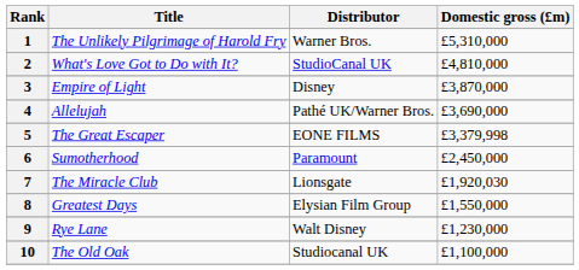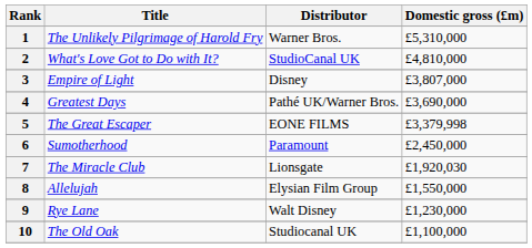 <table class="wikitable" style="margin:auto; margin:auto;">
 <tr>
 <th>Rank</th>
 <th>Title</th>
 <th>Distributor</th>
 <th>Domestic gross (£m)</th>
 </tr>
 <tr>
 </tr>
 <tr style="text-align:left;" background:#9fc;|>
 <th style="text-align:center;">1</th>
 <td><em><a href='#'>The Unlikely Pilgrimage of Harold Fry</a></em></td>
 <td>Warner Bros.</td>
 <td>£5,310,000</td>
 </tr>
 <tr>
 </tr>
 <tr style="text-align:left; |">
 <th style="text-align:center;">2</th>
 <td><em><a href='#'>What's Love Got to Do with It?</a></em></td>
 <td><a href='#'>StudioCanal UK</a></td>
 <td>£4,810,000</td>
 </tr>
 <tr>
 </tr>
 <tr style="text-align:left;|">
 <th style="text-align:center;">3</th>
 <td><em><a href='#'>Empire of Light</a></em></td>
 <td>Disney</td>
-<td>£3,870,000</td>
+<td>£3,807,000</td>
 </tr>
 <tr>
 </tr>
 <tr style="text-align:left; |">
 <th style="text-align:center;">4</th>
-<td><em><a href='#'>Allelujah</a></em></td>
+<td><em><a href='#'>Greatest Days</a></em></td>
 <td>Pathé UK/Warner Bros.</td>
 <td>£3,690,000</td>
 </tr>
 <tr>
 </tr>
 <tr style="text-align:left; |">
 <th style="text-align:center;">5</th>
 <td><em><a href='#'>The Great Escaper</a></em></td>
 <td>EONE FILMS</td>
 <td>£3,379,998</td>
 </tr>
 <tr>
 </tr>
 <tr style="text-align:left; |">
 <th style="text-align:center;">6</th>
 <td><em><a href='#'>Sumotherhood</a></em></td>
 <td><a href='#'>Paramount</a></td>
 <td>£2,450,000</td>
 </tr>
 <tr>
 </tr>
 <tr style="text-align:left;|">
 <th style="text-align:center;">7</th>
 <td><em><a href='#'>The Miracle Club</a></em></td>
 <td>Lionsgate</td>
 <td>£1,920,030</td>
 </tr>
 <tr>
 </tr>
 <tr style="text-align:left; |">
 <th style="text-align:center;">8</th>
-<td><em><a href='#'>Greatest Days</a></em></td>
+<td><em><a href='#'>Allelujah</a></em></td>
 <td>Elysian Film Group</td>
 <td>£1,550,000</td>
 </tr>
 <tr>
 </tr>
 <tr style="text-align:left;|">
 <th style="text-align:center;">9</th>
 <td><em><a href='#'>Rye Lane</a></em></td>
 <td>Walt Disney</td>
 <td>£1,230,000</td>
 </tr>
 <tr>
 </tr>
 <tr style="text-align:left; |">
 <th style="text-align:center;">10</th>
 <td><em><a href='#'>The Old Oak</a></em></td>
 <td>Studiocanal UK</td>
 <td>£1,100,000</td>
 </tr>
 <tr>
 </tr>
 </table>
